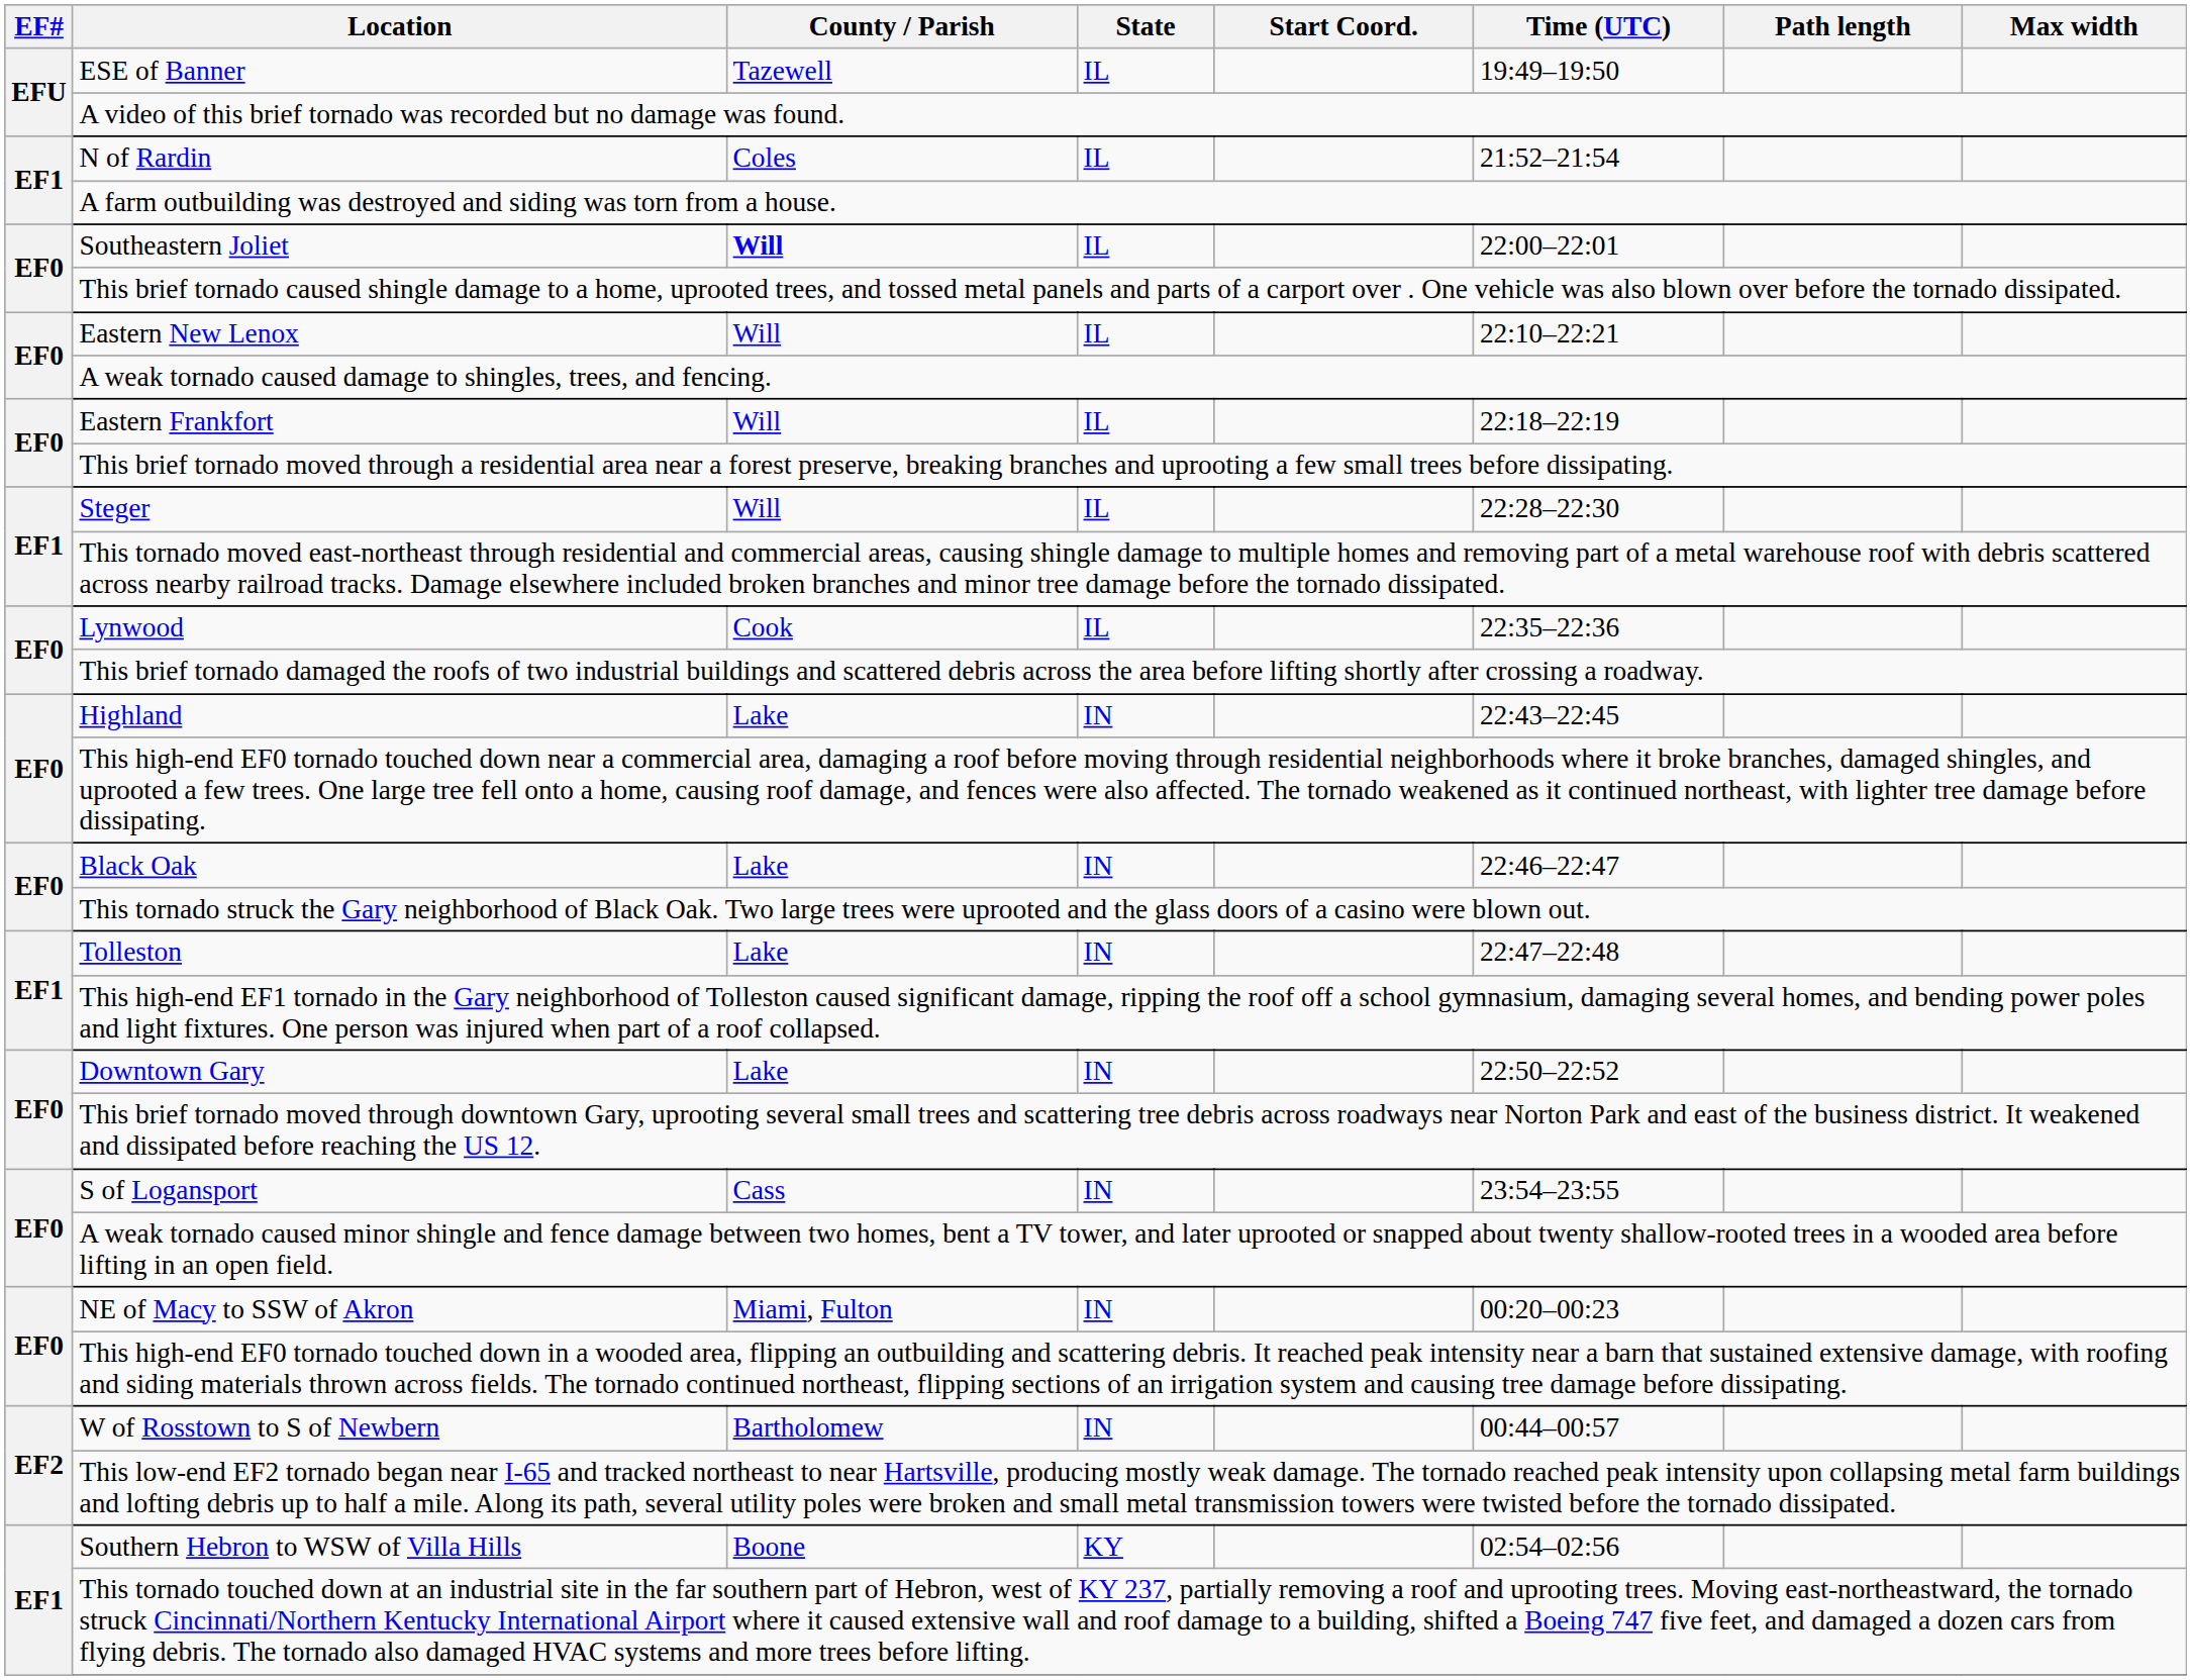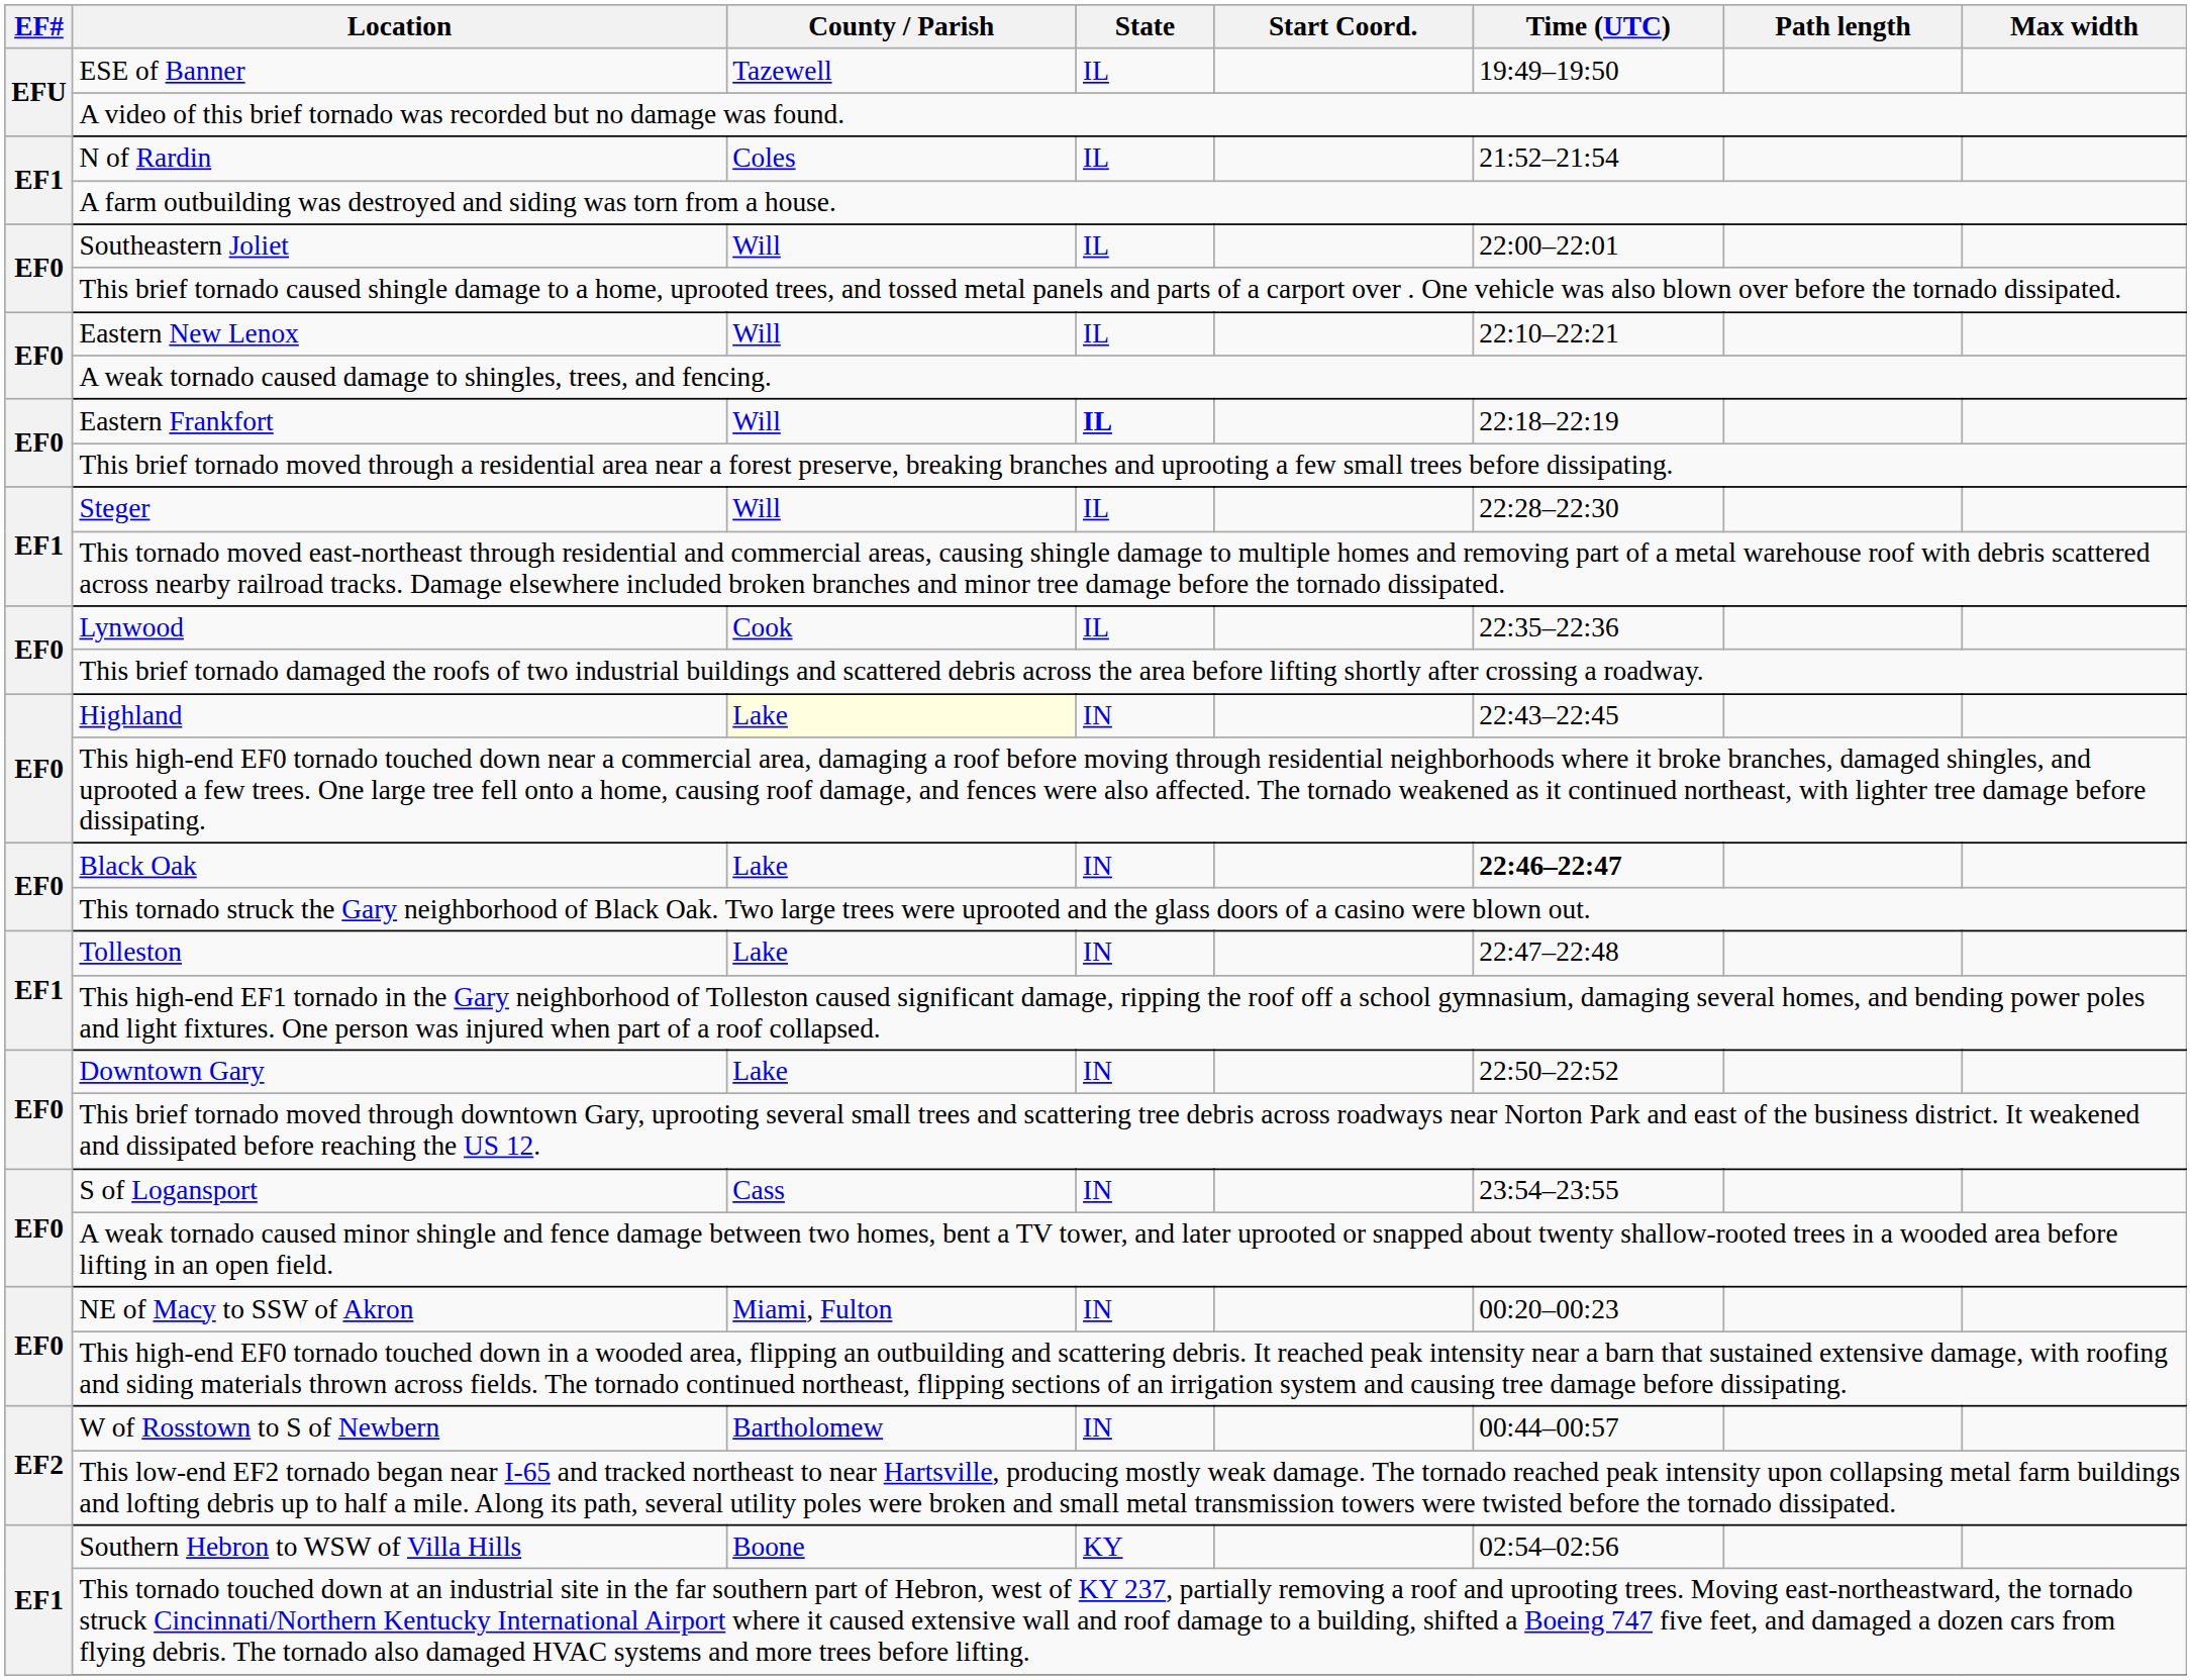 <table class="wikitable sortable" style="width:100%;">
 <tr>
 <th scope="col" width="2%" align="center"><a href='#'>EF#</a></th>
 <th scope="col" align="center" class="unsortable">Location</th>
 <th scope="col" align="center" class="unsortable">County / Parish</th>
 <th scope="col" align="center">State</th>
 <th scope="col" align="center">Start Coord.</th>
 <th scope="col" align="center">Time (<a href='#'>UTC</a>)</th>
 <th scope="col" align="center">Path length</th>
 <th scope="col" align="center">Max width</th>
 </tr>
 <tr>
 <th scope="row" rowspan="2" style="background-color:#">EFU</th>
 <td>ESE of <a href='#'>Banner</a></td>
 <td><a href='#'>Tazewell</a></td>
 <td><a href='#'>IL</a></td>
 <td></td>
 <td>19:49–19:50</td>
 <td></td>
 <td></td>
 </tr>
 <tr class="expand-child">
 <td colspan="8" style=" border-bottom: 1px solid black;">A video of this brief tornado was recorded but no damage was found.</td>
 </tr>
 <tr>
 <th scope="row" rowspan="2" style="background-color:#">EF1</th>
 <td>N of <a href='#'>Rardin</a></td>
 <td><a href='#'>Coles</a></td>
 <td><a href='#'>IL</a></td>
 <td></td>
 <td>21:52–21:54</td>
 <td></td>
 <td></td>
 </tr>
 <tr class="expand-child">
 <td colspan="8" style=" border-bottom: 1px solid black;">A farm outbuilding was destroyed and siding was torn from a house.</td>
 </tr>
 <tr>
 <th scope="row" rowspan="2" style="background-color:#">EF0</th>
 <td>Southeastern <a href='#'>Joliet</a></td>
-<td><strong><a href='#'>Will</a></strong></td>
+<td><a href='#'>Will</a></td>
 <td><a href='#'>IL</a></td>
 <td></td>
 <td>22:00–22:01</td>
 <td></td>
 <td></td>
 </tr>
 <tr class="expand-child">
 <td colspan="8" style=" border-bottom: 1px solid black;">This brief tornado caused shingle damage to a home, uprooted trees, and tossed metal panels and parts of a carport over . One vehicle was also blown over before the tornado dissipated.</td>
 </tr>
 <tr>
 <th scope="row" rowspan="2" style="background-color:#">EF0</th>
 <td>Eastern <a href='#'>New Lenox</a></td>
 <td><a href='#'>Will</a></td>
 <td><a href='#'>IL</a></td>
 <td></td>
 <td>22:10–22:21</td>
 <td></td>
 <td></td>
 </tr>
 <tr class="expand-child">
 <td colspan="8" style=" border-bottom: 1px solid black;">A weak tornado caused damage to shingles, trees, and fencing.</td>
 </tr>
 <tr>
 <th scope="row" rowspan="2" style="background-color:#">EF0</th>
 <td>Eastern <a href='#'>Frankfort</a></td>
 <td><a href='#'>Will</a></td>
-<td><a href='#'>IL</a></td>
+<td><strong><a href='#'>IL</a></strong></td>
 <td></td>
 <td>22:18–22:19</td>
 <td></td>
 <td></td>
 </tr>
 <tr class="expand-child">
 <td colspan="8" style=" border-bottom: 1px solid black;">This brief tornado moved through a residential area near a forest preserve, breaking branches and uprooting a few small trees before dissipating.</td>
 </tr>
 <tr>
 <th scope="row" rowspan="2" style="background-color:#">EF1</th>
 <td><a href='#'>Steger</a></td>
 <td><a href='#'>Will</a></td>
 <td><a href='#'>IL</a></td>
 <td></td>
 <td>22:28–22:30</td>
 <td></td>
 <td></td>
 </tr>
 <tr class="expand-child">
 <td colspan="8" style=" border-bottom: 1px solid black;">This tornado moved east-northeast through residential and commercial areas, causing shingle damage to multiple homes and removing part of a metal warehouse roof with debris scattered across nearby railroad tracks. Damage elsewhere included broken branches and minor tree damage before the tornado dissipated.</td>
 </tr>
 <tr>
 <th scope="row" rowspan="2" style="background-color:#">EF0</th>
 <td><a href='#'>Lynwood</a></td>
 <td><a href='#'>Cook</a></td>
 <td><a href='#'>IL</a></td>
 <td></td>
 <td>22:35–22:36</td>
 <td></td>
 <td></td>
 </tr>
 <tr class="expand-child">
 <td colspan="8" style=" border-bottom: 1px solid black;">This brief tornado damaged the roofs of two industrial buildings and scattered debris across the area before lifting shortly after crossing a roadway.</td>
 </tr>
 <tr>
 <th scope="row" rowspan="2" style="background-color:#">EF0</th>
 <td><a href='#'>Highland</a></td>
-<td><a href='#'>Lake</a></td>
+<td style="background: lightyellow;"><a href='#'>Lake</a></td>
 <td><a href='#'>IN</a></td>
 <td></td>
 <td>22:43–22:45</td>
 <td></td>
 <td></td>
 </tr>
 <tr class="expand-child">
 <td colspan="8" style=" border-bottom: 1px solid black;">This high-end EF0 tornado touched down near a commercial area, damaging a roof before moving through residential neighborhoods where it broke branches, damaged shingles, and uprooted a few trees. One large tree fell onto a home, causing roof damage, and fences were also affected. The tornado weakened as it continued northeast, with lighter tree damage before dissipating.</td>
 </tr>
 <tr>
 <th scope="row" rowspan="2" style="background-color:#">EF0</th>
 <td><a href='#'>Black Oak</a></td>
 <td><a href='#'>Lake</a></td>
 <td><a href='#'>IN</a></td>
 <td></td>
-<td>22:46–22:47</td>
+<td><strong>22:46–22:47</strong></td>
 <td></td>
 <td></td>
 </tr>
 <tr class="expand-child">
 <td colspan="8" style=" border-bottom: 1px solid black;">This tornado struck the <a href='#'>Gary</a> neighborhood of Black Oak. Two large trees were uprooted and the glass doors of a casino were blown out.</td>
 </tr>
 <tr>
 <th scope="row" rowspan="2" style="background-color:#">EF1</th>
 <td><a href='#'>Tolleston</a></td>
 <td><a href='#'>Lake</a></td>
 <td><a href='#'>IN</a></td>
 <td></td>
 <td>22:47–22:48</td>
 <td></td>
 <td></td>
 </tr>
 <tr class="expand-child">
 <td colspan="8" style=" border-bottom: 1px solid black;">This high-end EF1 tornado in the <a href='#'>Gary</a> neighborhood of Tolleston caused significant damage, ripping the roof off a school gymnasium, damaging several homes, and bending power poles and light fixtures. One person was injured when part of a roof collapsed.</td>
 </tr>
 <tr>
 <th scope="row" rowspan="2" style="background-color:#">EF0</th>
 <td><a href='#'>Downtown Gary</a></td>
 <td><a href='#'>Lake</a></td>
 <td><a href='#'>IN</a></td>
 <td></td>
 <td>22:50–22:52</td>
 <td></td>
 <td></td>
 </tr>
 <tr class="expand-child">
 <td colspan="8" style=" border-bottom: 1px solid black;">This brief tornado moved through downtown Gary, uprooting several small trees and scattering tree debris across roadways near Norton Park and east of the business district. It weakened and dissipated before reaching the <a href='#'>US 12</a>.</td>
 </tr>
 <tr>
 <th scope="row" rowspan="2" style="background-color:#">EF0</th>
 <td>S of <a href='#'>Logansport</a></td>
 <td><a href='#'>Cass</a></td>
 <td><a href='#'>IN</a></td>
 <td></td>
 <td>23:54–23:55</td>
 <td></td>
 <td></td>
 </tr>
 <tr class="expand-child">
 <td colspan="8" style=" border-bottom: 1px solid black;">A weak tornado caused minor shingle and fence damage between two homes, bent a TV tower, and later uprooted or snapped about twenty shallow-rooted trees in a wooded area before lifting in an open field.</td>
 </tr>
 <tr>
 <th scope="row" rowspan="2" style="background-color:#">EF0</th>
 <td>NE of <a href='#'>Macy</a> to SSW of <a href='#'>Akron</a></td>
 <td><a href='#'>Miami</a>, <a href='#'>Fulton</a></td>
 <td><a href='#'>IN</a></td>
 <td></td>
 <td>00:20–00:23</td>
 <td></td>
 <td></td>
 </tr>
 <tr class="expand-child">
 <td colspan="8" style=" border-bottom: 1px solid black;">This high-end EF0 tornado touched down in a wooded area, flipping an outbuilding and scattering debris. It reached peak intensity near a barn that sustained extensive damage, with roofing and siding materials thrown across fields. The tornado continued northeast, flipping sections of an irrigation system and causing tree damage before dissipating.</td>
 </tr>
 <tr>
 <th scope="row" rowspan="2" style="background-color:#">EF2</th>
 <td>W of <a href='#'>Rosstown</a> to S of <a href='#'>Newbern</a></td>
 <td><a href='#'>Bartholomew</a></td>
 <td><a href='#'>IN</a></td>
 <td></td>
 <td>00:44–00:57</td>
 <td></td>
 <td></td>
 </tr>
 <tr class="expand-child">
 <td colspan="8" style=" border-bottom: 1px solid black;">This low-end EF2 tornado began near <a href='#'>I-65</a> and tracked northeast to near <a href='#'>Hartsville</a>, producing mostly weak damage. The tornado reached peak intensity upon collapsing metal farm buildings and lofting debris up to half a mile. Along its path, several utility poles were broken and small metal transmission towers were twisted before the tornado dissipated.</td>
 </tr>
 <tr>
 <th scope="row" rowspan="2" style="background-color:#">EF1</th>
 <td>Southern <a href='#'>Hebron</a> to WSW of <a href='#'>Villa Hills</a></td>
 <td><a href='#'>Boone</a></td>
 <td><a href='#'>KY</a></td>
 <td></td>
 <td>02:54–02:56</td>
 <td></td>
 <td></td>
 </tr>
 <tr class="expand-child">
 <td colspan="8" style=" border-bottom: 1px solid black;">This tornado touched down at an industrial site in the far southern part of Hebron, west of <a href='#'>KY 237</a>, partially removing a roof and uprooting trees. Moving east-northeastward, the tornado struck <a href='#'>Cincinnati/Northern Kentucky International Airport</a> where it caused extensive wall and roof damage to a building, shifted a <a href='#'>Boeing 747</a> five feet, and damaged a dozen cars from flying debris. The tornado also damaged HVAC systems and more trees before lifting.</td>
 </tr>
 <tr>
 </tr>
 </table>
